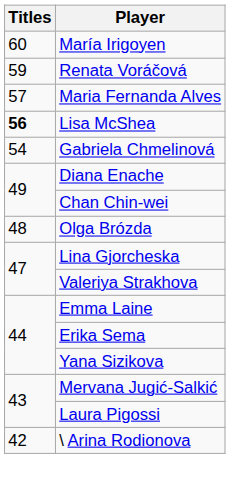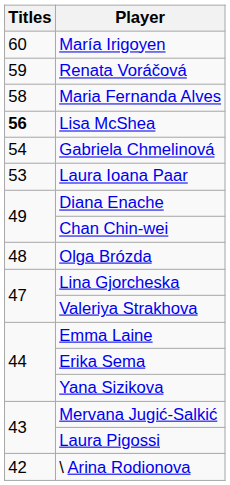 <table class=wikitable style=display:inline-table>
 <tr>
 <th>Titles</th>
 <th>Player</th>
 </tr>
 <tr>
 <td>60</td>
 <td> <a href='#'>María Irigoyen</a></td>
 </tr>
 <tr>
 <td>59</td>
 <td> <a href='#'>Renata Voráčová</a></td>
 </tr>
 <tr>
-<td>57</td>
+<td>58</td>
 <td> <a href='#'>Maria Fernanda Alves</a></td>
 </tr>
 <tr>
 <td><strong>56</strong></td>
 <td> <a href='#'>Lisa McShea</a></td>
 </tr>
 <tr>
 <td>54</td>
 <td> <a href='#'>Gabriela Chmelinová</a></td>
+</tr>
+<tr>
+<td>53</td>
+<td> <a href='#'>Laura Ioana Paar</a></td>
 </tr>
 <tr>
 <td rowspan=2>49</td>
 <td> <a href='#'>Diana Enache</a></td>
 </tr>
 <tr>
 <td> <a href='#'>Chan Chin-wei</a></td>
 </tr>
 <tr>
 <td>48</td>
 <td> <a href='#'>Olga Brózda</a></td>
 </tr>
 <tr>
 <td rowspan=2>47</td>
 <td> <a href='#'>Lina Gjorcheska</a></td>
 </tr>
 <tr>
 <td> <a href='#'>Valeriya Strakhova</a></td>
 </tr>
 <tr>
 <td rowspan=3>44</td>
 <td> <a href='#'>Emma Laine</a></td>
 </tr>
 <tr>
 <td> <a href='#'>Erika Sema</a></td>
 </tr>
 <tr>
 <td> <a href='#'>Yana Sizikova</a></td>
 </tr>
 <tr>
 <td rowspan=2>43</td>
 <td> <a href='#'>Mervana Jugić-Salkić</a></td>
 </tr>
 <tr>
 <td> <a href='#'>Laura Pigossi</a></td>
 </tr>
 <tr>
 <td>42</td>
 <td>\ <a href='#'>Arina Rodionova</a></td>
 </tr>
 </table>
